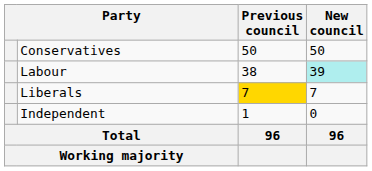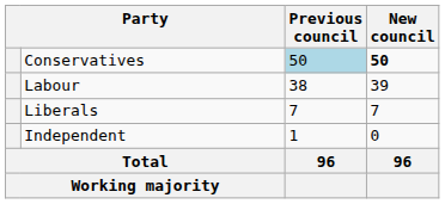 <table class="wikitable">
 <tr>
 <th valign=top colspan="2" style="width: 230px">Party</th>
 <th valign=top style="width: 30px">Previous council</th>
 <th valign=top style="width: 30px">New council</th>
 </tr>
 <tr>
 <th style="background-color: "></th>
 <td>Conservatives</td>
-<td>50</td>
-<td>50</td>
+<td style="background: lightblue;">50</td>
+<td><strong>50</strong></td>
 </tr>
 <tr>
 <th style="background-color: "></th>
 <td>Labour</td>
 <td>38</td>
-<td style="background: paleturquoise;">39</td>
+<td>39</td>
 </tr>
 <tr>
 <th style="background-color: "></th>
 <td>Liberals</td>
-<td style="background: gold;">7</td>
+<td>7</td>
 <td>7</td>
 </tr>
 <tr>
 <th style="background-color: "></th>
 <td>Independent</td>
 <td>1</td>
 <td>0</td>
 </tr>
 <tr>
 <th colspan=2>Total</th>
 <th style="text-align: center">96</th>
 <th colspan=3>96</th>
 </tr>
 <tr>
 <th colspan=2>Working majority</th>
 <th></th>
 <th></th>
 </tr>
 </table>
